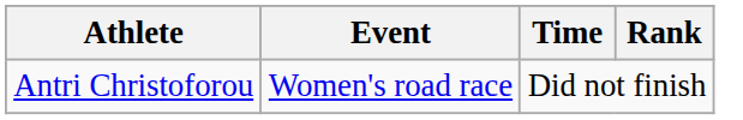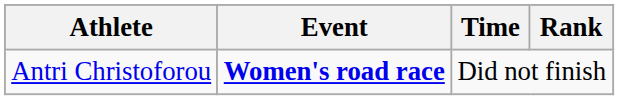 <table class=wikitable style=font-size:90%;text-align:center>
 <tr>
 <th>Athlete</th>
 <th>Event</th>
 <th>Time</th>
 <th>Rank</th>
 </tr>
 <tr>
 <td align=left><a href='#'>Antri Christoforou</a></td>
-<td align=left><a href='#'>Women's road race</a></td>
+<td align=left><strong><a href='#'>Women's road race</a></strong></td>
 <td colspan=2>Did not finish</td>
 </tr>
 </table>
